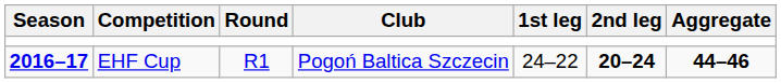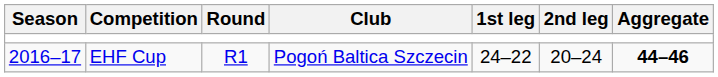 <table class="wikitable">
 <tr>
 <th>Season</th>
 <th>Competition</th>
 <th>Round</th>
 <th>Club</th>
 <th>1st leg</th>
 <th>2nd leg</th>
 <th>Aggregate</th>
 </tr>
 <tr>
 <td colspan="7" bgcolor=white></td>
 </tr>
 <tr>
-<td><strong><a href='#'>2016–17</a></strong></td>
+<td><a href='#'>2016–17</a></td>
 <td><a href='#'>EHF Cup</a></td>
 <td style="text-align:center;"><a href='#'>R1</a></td>
 <td> <a href='#'>Pogoń Baltica Szczecin</a></td>
 <td style="text-align:center;">24–22</td>
-<td style="text-align:center;"><strong>20–24</strong></td>
+<td style="text-align:center;">20–24</td>
 <td style="text-align:center;"><strong>44–46</strong></td>
 </tr>
 </table>
